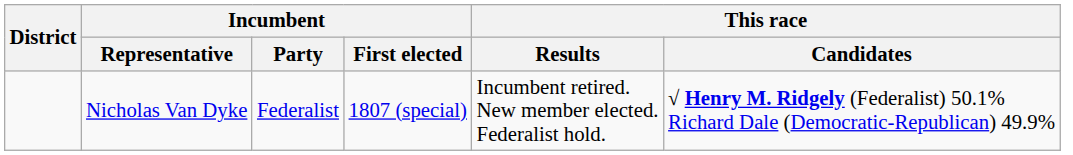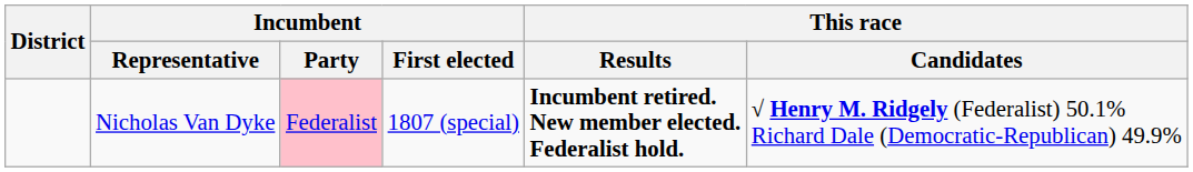 <table class=wikitable>
 <tr>
 <th rowspan=2>District</th>
 <th colspan=3>Incumbent</th>
 <th colspan=2>This race</th>
 </tr>
 <tr>
 <th>Representative</th>
 <th>Party</th>
 <th>First elected</th>
 <th>Results</th>
 <th>Candidates</th>
 </tr>
 <tr>
 <td></td>
 <td><a href='#'>Nicholas Van Dyke</a></td>
-<td><a href='#'>Federalist</a></td>
+<td style="background: pink;"><a href='#'>Federalist</a></td>
 <td><a href='#'>1807 (special)</a></td>
-<td>Incumbent retired.<br>New member elected.<br>Federalist hold.</td>
+<td><strong>Incumbent retired.<br>New member elected.<br>Federalist hold.</strong></td>
 <td nowrap><strong>√ <a href='#'>Henry M. Ridgely</a></strong> (Federalist) 50.1%<br><a href='#'>Richard Dale</a> (<a href='#'>Democratic-Republican</a>) 49.9%</td>
 </tr>
 </table>
